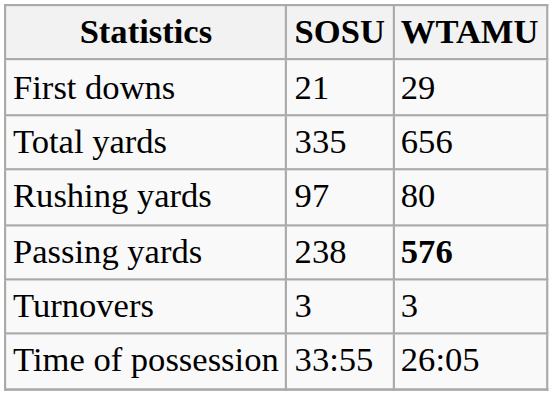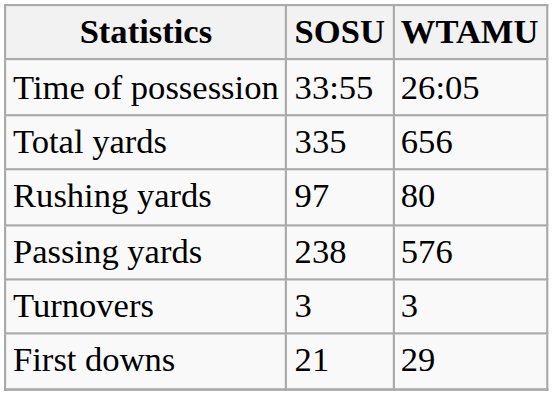 <table class="wikitable">
 <tr>
 <th>Statistics</th>
 <th>SOSU</th>
 <th>WTAMU</th>
 </tr>
 <tr>
-<td>First downs</td>
-<td>21</td>
-<td>29</td>
+<td>Time of possession</td>
+<td>33:55</td>
+<td>26:05</td>
 </tr>
 <tr>
 <td>Total yards</td>
 <td>335</td>
 <td>656</td>
 </tr>
 <tr>
 <td>Rushing yards</td>
 <td>97</td>
 <td>80</td>
 </tr>
 <tr>
 <td>Passing yards</td>
 <td>238</td>
-<td><strong>576</strong></td>
+<td>576</td>
 </tr>
 <tr>
 <td>Turnovers</td>
 <td>3</td>
 <td>3</td>
 </tr>
 <tr>
-<td>Time of possession</td>
-<td>33:55</td>
-<td>26:05</td>
+<td>First downs</td>
+<td>21</td>
+<td>29</td>
 </tr>
 <tr>
 </tr>
 </table>
